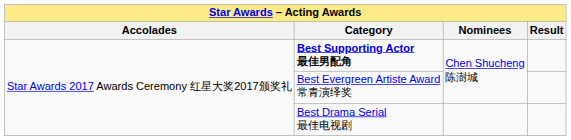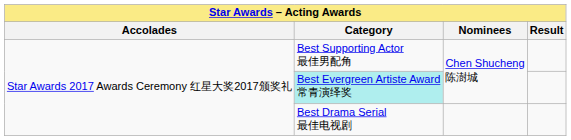 <table class="wikitable sortable">
 <tr>
 <th colspan="4" - style="background:#FAEB86;" align="center"><a href='#'>Star Awards</a> – Acting Awards</th>
 </tr>
 <tr>
 <th>Accolades</th>
 <th>Category</th>
 <th>Nominees</th>
 <th>Result</th>
 </tr>
 <tr>
 <td rowspan="3"><a href='#'>Star Awards 2017</a> Awards Ceremony 红星大奖2017颁奖礼</td>
-<td><strong><a href='#'>Best Supporting Actor</a> <br> 最佳男配角</strong></td>
+<td><a href='#'>Best Supporting Actor</a> <br> 最佳男配角</td>
 <td rowspan="2"><a href='#'>Chen Shucheng</a> <br> 陈澍城</td>
 <td></td>
 </tr>
 <tr>
-<td><a href='#'>Best Evergreen Artiste Award</a> <br> 常青演绎奖</td>
+<td style="background: paleturquoise;"><a href='#'>Best Evergreen Artiste Award</a> <br> 常青演绎奖</td>
 <td></td>
 </tr>
 <tr>
 <td><a href='#'>Best Drama Serial</a> <br> 最佳电视剧</td>
 <td></td>
 <td></td>
 </tr>
 </table>
